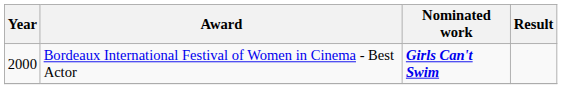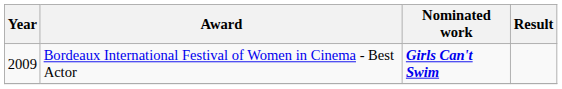 <table class = "wikitable">
 <tr>
 <th>Year</th>
 <th>Award</th>
 <th>Nominated work</th>
 <th>Result</th>
 </tr>
 <tr>
-<td>2000</td>
+<td>2009</td>
 <td><a href='#'>Bordeaux International Festival of Women in Cinema</a> - Best Actor</td>
 <td><strong><em><a href='#'>Girls Can't Swim</a></em></strong></td>
 <td></td>
 </tr>
 <tr>
 </tr>
 </table>
